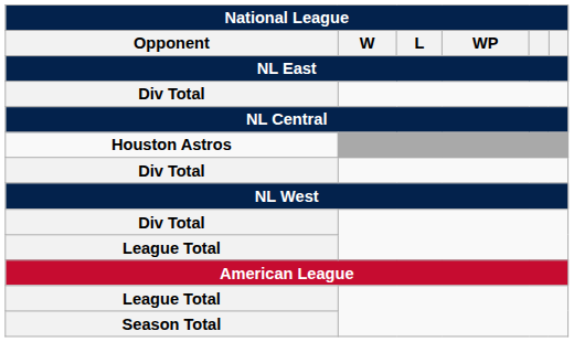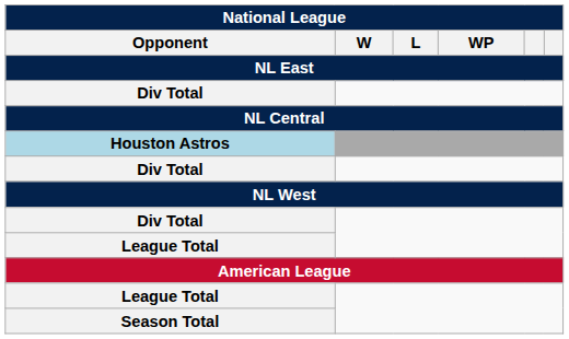 <table class="wikitable" style="margin:1em auto; font-size:95%; text-align:center; width:35em;">
 <tr>
 <th colspan="7" style="background:#03224c; color:#ffffff;">National League</th>
 </tr>
 <tr>
 <th>Opponent</th>
 <th>W</th>
 <th>L</th>
 <th>WP</th>
 <th></th>
 <th></th>
 </tr>
 <tr>
 <th colspan="7" style="background:#03224c; color:#ffffff;">NL East</th>
 </tr>
 <tr>
 <th>Div Total</th>
 </tr>
 <tr>
 <th colspan="7" style="background:#03224c; color:#ffffff;">NL Central</th>
 </tr>
 <tr>
-<td><span><strong>Houston Astros</strong></span></td>
+<td style="background: lightblue;"><span><strong>Houston Astros</strong></span></td>
 <td colspan=5 style="background:darkgray;"></td>
 </tr>
 <tr>
 <th>Div Total</th>
 </tr>
 <tr>
 <th colspan="7" style="background:#03224c; color:#ffffff;">NL West</th>
 </tr>
 <tr>
 <th>Div Total</th>
 </tr>
 <tr>
 <th>League Total</th>
 </tr>
 <tr>
 <th colspan="7" style="background:#c60c30; color:#ffffff;">American League</th>
 </tr>
 <tr>
 <th>League Total</th>
 </tr>
 <tr>
 <th>Season Total</th>
 </tr>
 </table>
